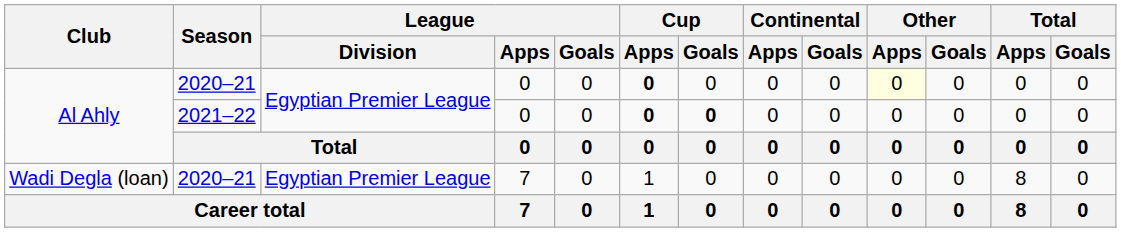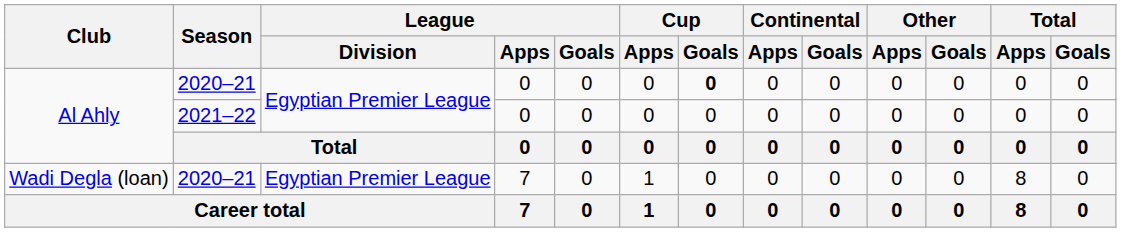 <table class="wikitable" style="text-align: center">
 <tr>
 <th rowspan="2">Club</th>
 <th rowspan="2">Season</th>
 <th colspan="3">League</th>
 <th colspan="2">Cup</th>
 <th colspan="2">Continental</th>
 <th colspan="2">Other</th>
 <th colspan="2">Total</th>
 </tr>
 <tr>
 <th>Division</th>
 <th>Apps</th>
 <th>Goals</th>
 <th>Apps</th>
 <th>Goals</th>
 <th>Apps</th>
 <th>Goals</th>
 <th>Apps</th>
 <th>Goals</th>
 <th>Apps</th>
 <th>Goals</th>
 </tr>
 <tr>
 <td rowspan="3"><a href='#'>Al Ahly</a></td>
 <td><a href='#'>2020–21</a></td>
 <td rowspan="2"><a href='#'>Egyptian Premier League</a></td>
 <td>0</td>
 <td>0</td>
+<td>0</td>
 <td><strong>0</strong></td>
 <td>0</td>
 <td>0</td>
 <td>0</td>
-<td style="background: lightyellow;">0</td>
 <td>0</td>
 <td>0</td>
 <td>0</td>
 </tr>
 <tr>
 <td><a href='#'>2021–22</a></td>
 <td>0</td>
 <td>0</td>
-<td><strong>0</strong></td>
-<td><strong>0</strong></td>
+<td>0</td>
+<td>0</td>
 <td>0</td>
 <td>0</td>
 <td>0</td>
 <td>0</td>
 <td>0</td>
 <td>0</td>
 </tr>
 <tr>
 <th colspan=2>Total</th>
 <th>0</th>
 <th>0</th>
 <th>0</th>
 <th>0</th>
 <th>0</th>
 <th>0</th>
 <th>0</th>
 <th>0</th>
 <th>0</th>
 <th>0</th>
 </tr>
 <tr>
 <td><a href='#'>Wadi Degla</a> (loan)</td>
 <td><a href='#'>2020–21</a></td>
 <td><a href='#'>Egyptian Premier League</a></td>
 <td>7</td>
 <td>0</td>
 <td>1</td>
 <td>0</td>
 <td>0</td>
 <td>0</td>
 <td>0</td>
 <td>0</td>
 <td>8</td>
 <td>0</td>
 </tr>
 <tr>
 <th colspan=3>Career total</th>
 <th>7</th>
 <th>0</th>
 <th>1</th>
 <th>0</th>
 <th>0</th>
 <th>0</th>
 <th>0</th>
 <th>0</th>
 <th>8</th>
 <th>0</th>
 </tr>
 </table>
